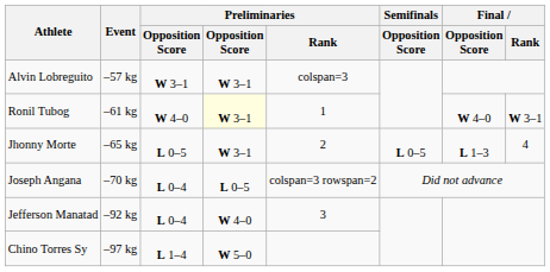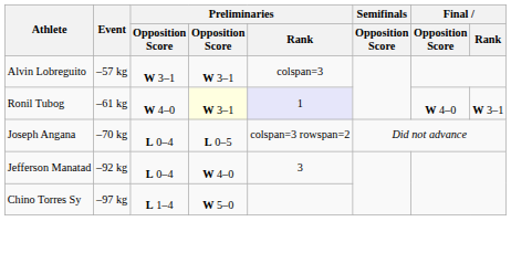 <table class="wikitable" style="font-size:90%">
 <tr>
 <th rowspan=2>Athlete</th>
 <th rowspan=2>Event</th>
 <th colspan=3>Preliminaries</th>
 <th>Semifinals</th>
 <th colspan=2>Final / </th>
 </tr>
 <tr style="font-size:95">
 <th>Opposition<br>Score</th>
 <th>Opposition<br>Score</th>
 <th>Rank</th>
 <th>Opposition<br>Score</th>
 <th>Opposition<br>Score</th>
 <th>Rank</th>
 </tr>
 <tr align=center>
 <td align=left>Alvin Lobreguito</td>
 <td align=left>–57 kg</td>
 <td><br><strong>W</strong> 3–1</td>
 <td><br><strong>W</strong> 3–1</td>
 <td>colspan=3 </td>
 <td rowspan=2></td>
 </tr>
 <tr align=center>
 <td align=left>Ronil Tubog</td>
 <td align=left>–61 kg</td>
 <td><br><strong>W</strong> 4–0</td>
 <td style="background: lightyellow;"><br><strong>W</strong> 3–1</td>
-<td>1</td>
+<td style="background: lavender;">1</td>
 <td><br><strong>W</strong> 4–0</td>
 <td><br><strong>W</strong> 3–1</td>
-</tr>
-<tr align=center>
-<td align=left>Jhonny Morte</td>
-<td align=left>–65 kg</td>
-<td><br><strong>L</strong> 0–5</td>
-<td><br><strong>W</strong> 3–1</td>
-<td>2</td>
-<td><br><strong>L</strong> 0–5</td>
-<td><br><strong>L</strong> 1–3</td>
-<td>4</td>
 </tr>
 <tr align=center>
 <td align=left>Joseph Angana</td>
 <td align=left>–70 kg</td>
 <td><br><strong>L</strong> 0–4</td>
 <td><br><strong>L</strong> 0–5</td>
 <td>colspan=3 rowspan=2 </td>
 <td colspan=3><em>Did not advance</em></td>
 </tr>
 <tr align=center>
 <td align=left>Jefferson Manatad</td>
 <td align=left>–92 kg</td>
 <td><br><strong>L</strong> 0–4</td>
 <td><br><strong>W</strong> 4–0</td>
 <td>3</td>
 <td rowspan=2></td>
 </tr>
 <tr align=center>
 <td align=left>Chino Torres Sy</td>
 <td align=left>–97 kg</td>
 <td><br><strong>L</strong> 1–4</td>
 <td><br><strong>W</strong> 5–0</td>
 </tr>
 </table>
